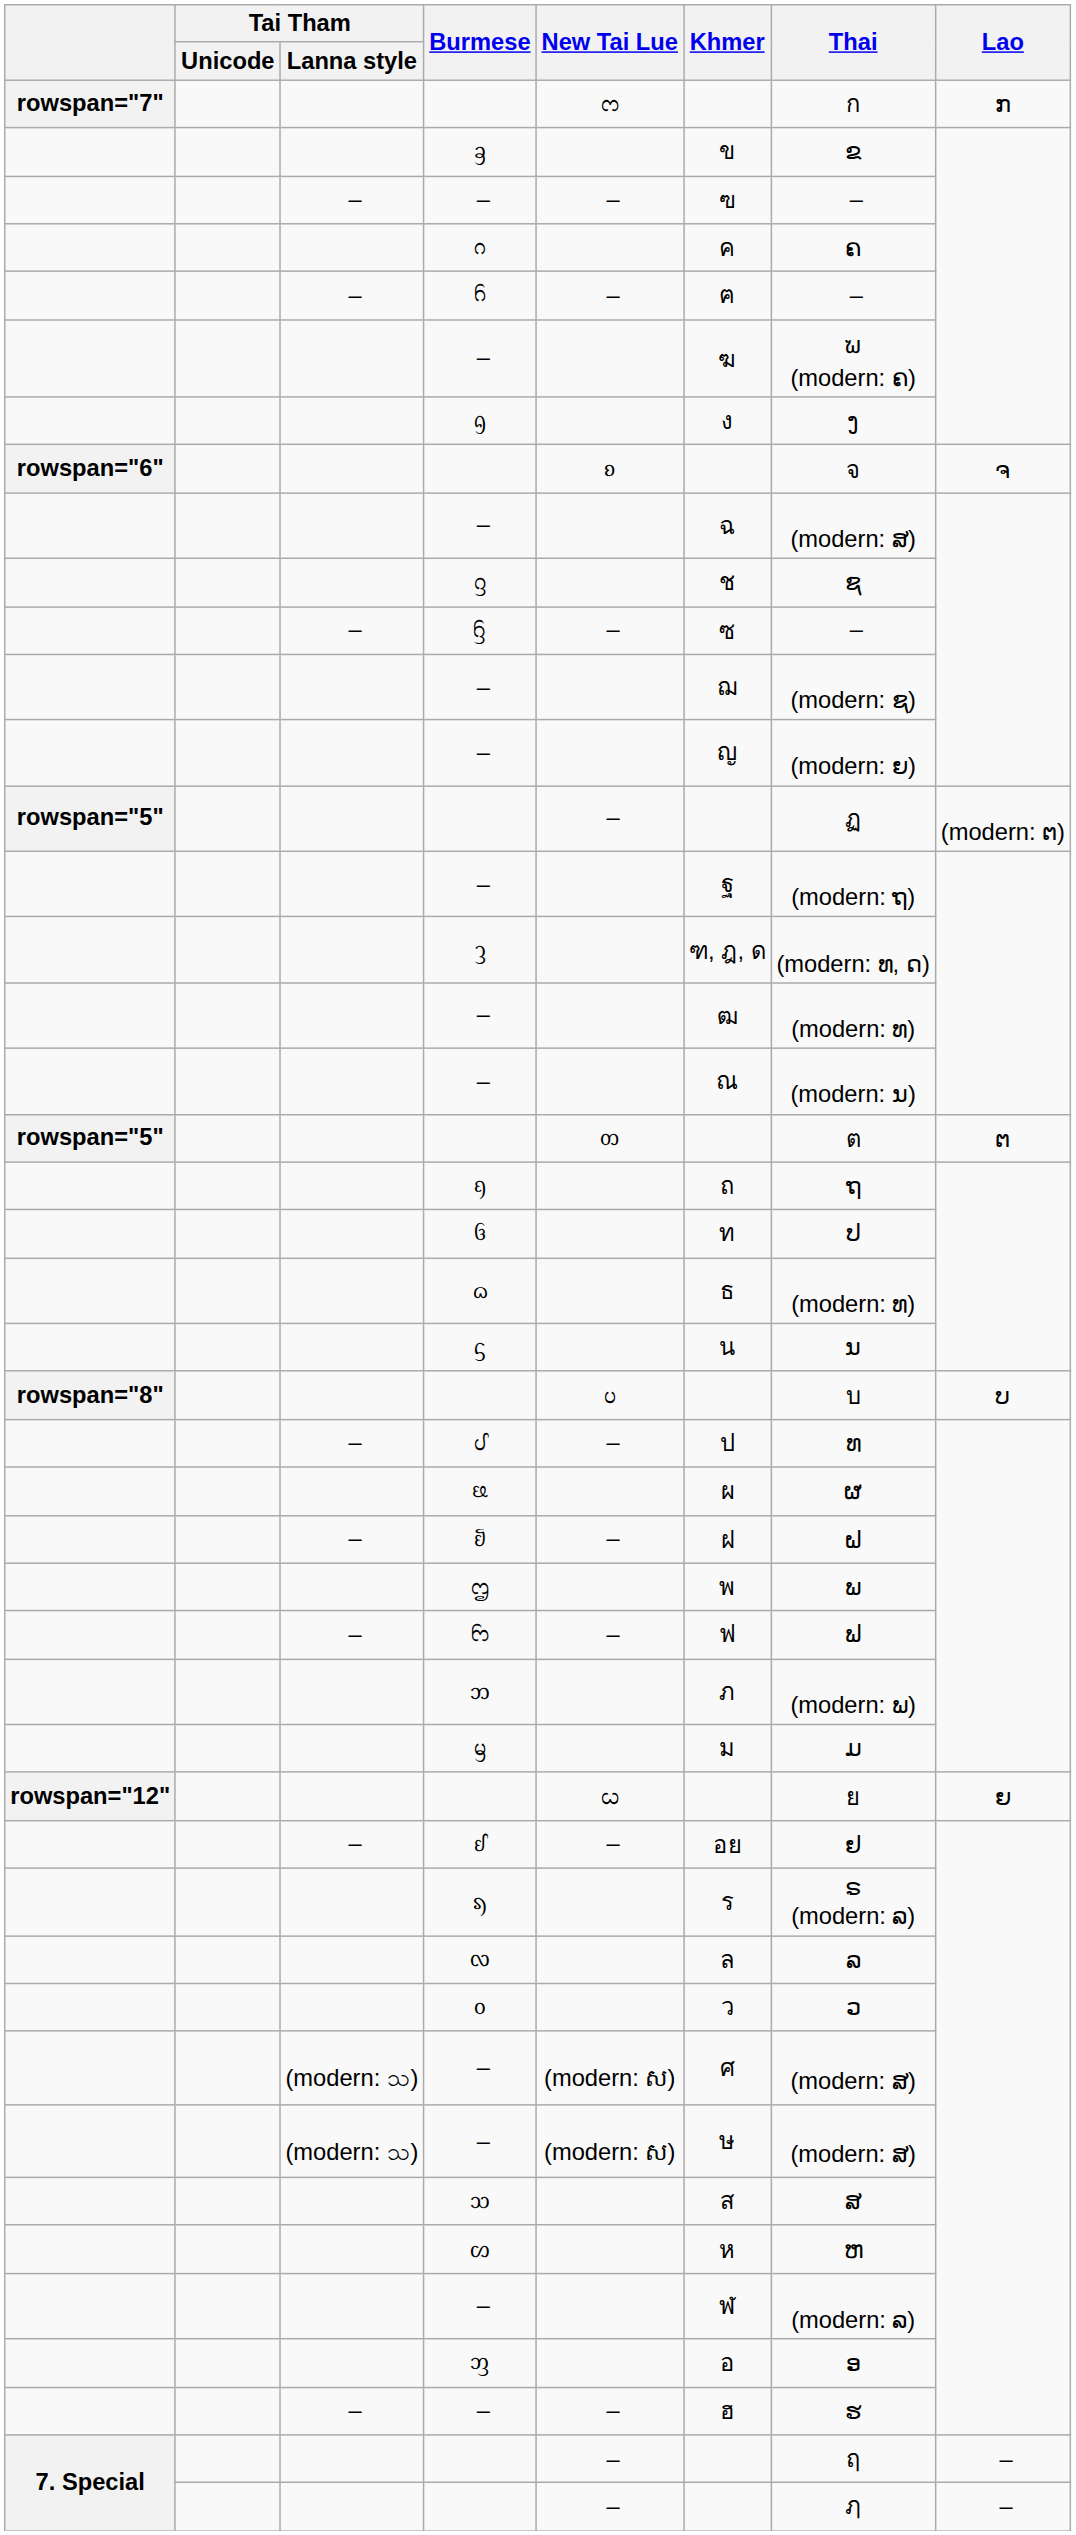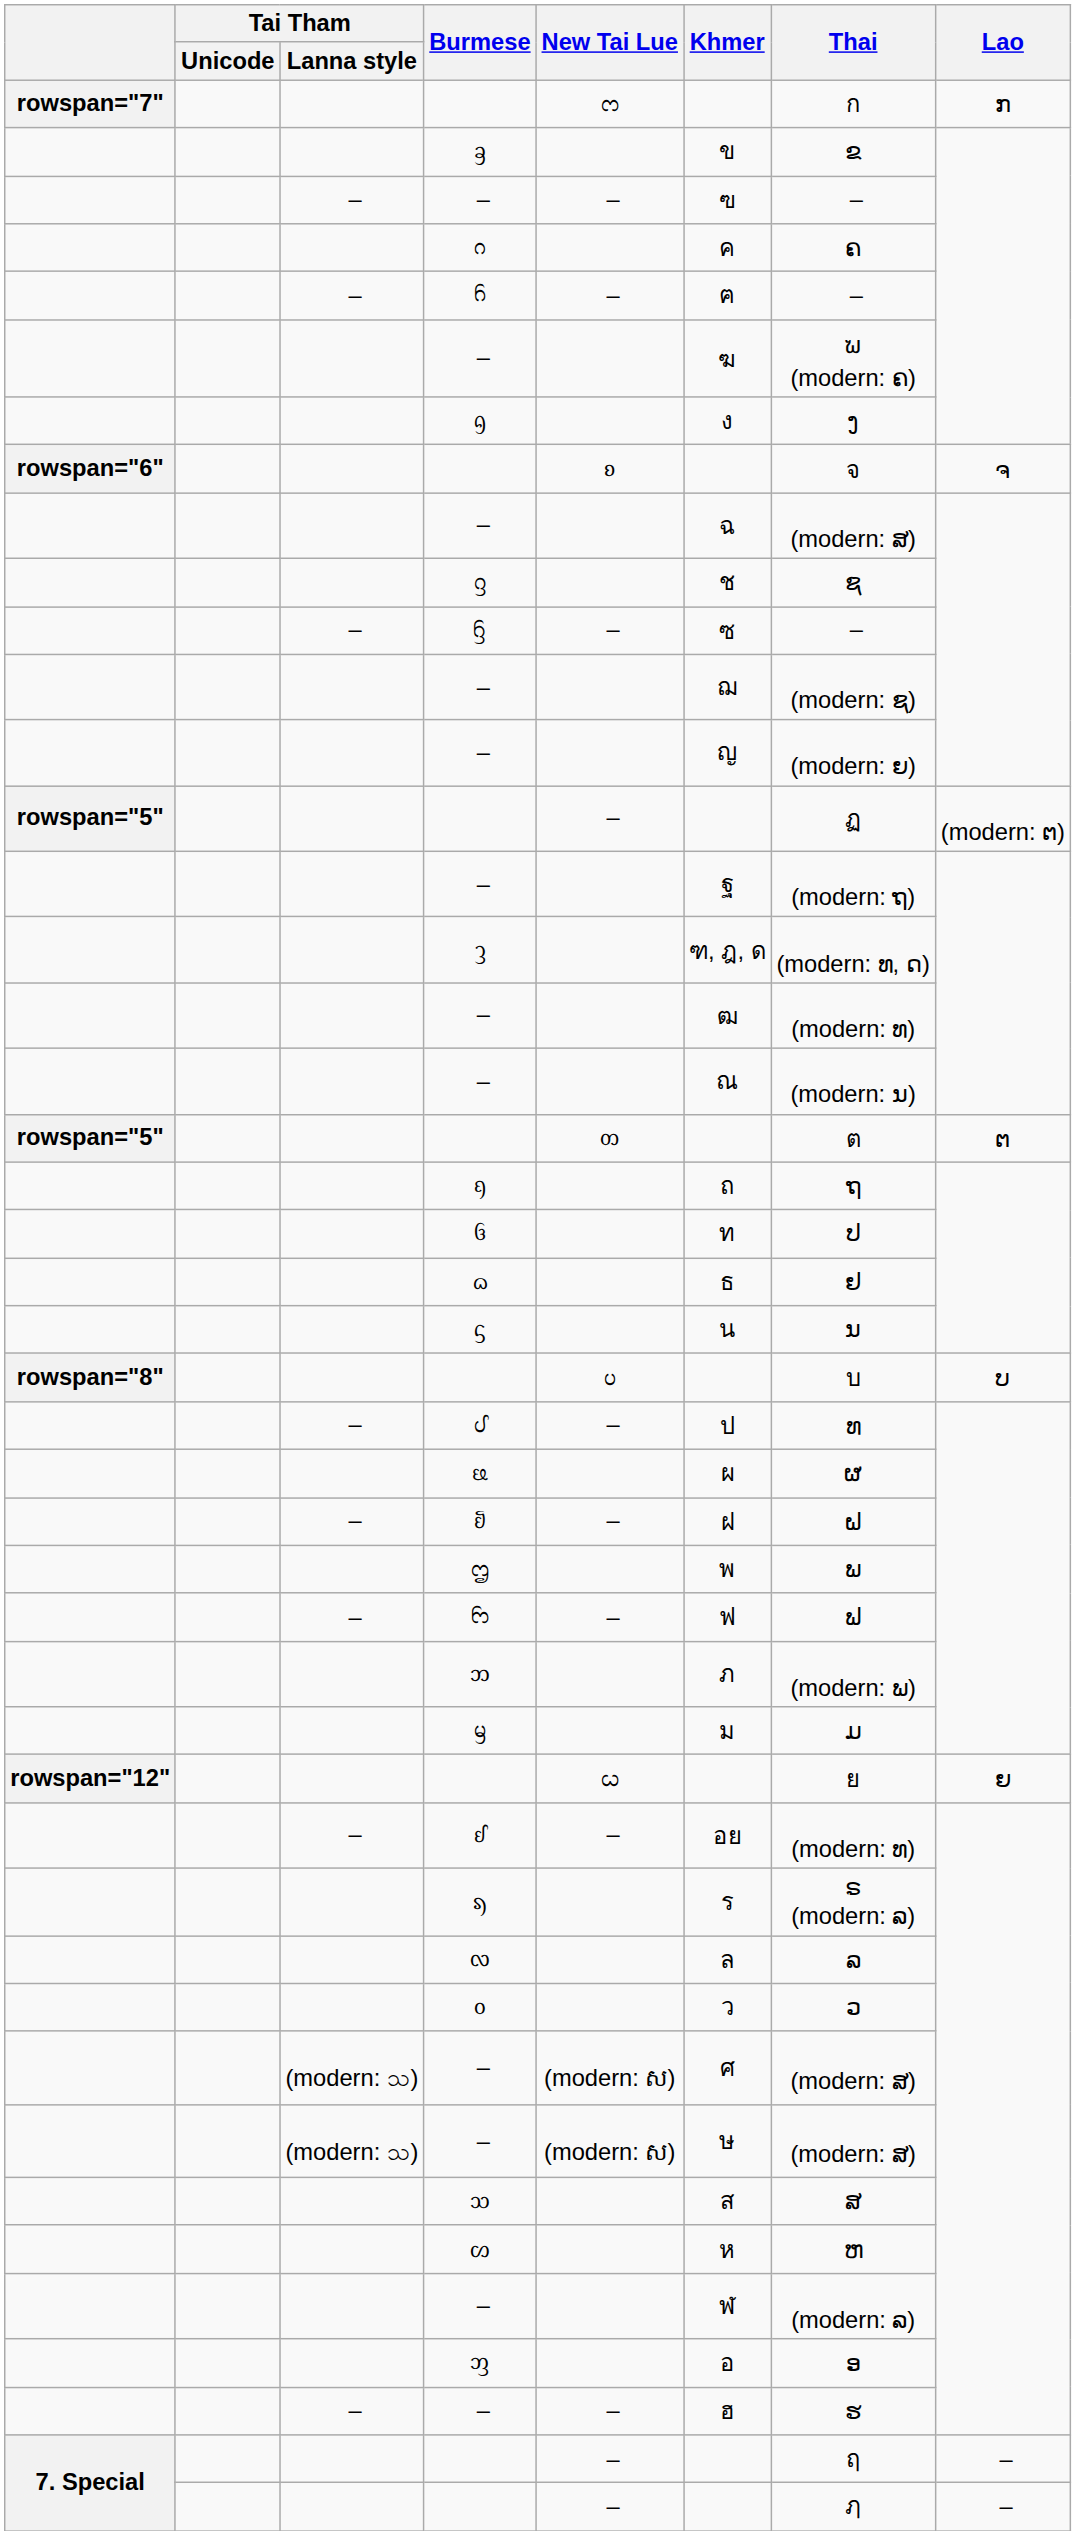 <table class="wikitable" style="text-align: center;">
 <tr>
 <th rowspan="2"></th>
 <th colspan="2">Tai Tham</th>
 <th rowspan="2"><a href='#'>Burmese</a></th>
 <th rowspan="2"><a href='#'>New Tai Lue</a></th>
 <th rowspan="2"><a href='#'>Khmer</a></th>
 <th rowspan="2"><a href='#'>Thai</a></th>
 <th rowspan="2"><a href='#'>Lao</a></th>
 </tr>
 <tr>
 <th>Unicode</th>
 <th>Lanna style</th>
 </tr>
 <tr>
 <th>rowspan="7" </th>
 <td><big></big></td>
 <td style="font-size: 150%"></td>
 <td></td>
 <td>ᦂ</td>
 <td></td>
 <td>ก</td>
 <td>ກ</td>
 </tr>
 <tr>
 <td><big></big></td>
 <td style="font-size: 150%"></td>
 <td></td>
 <td>ᦃ</td>
 <td></td>
 <td>ข</td>
 <td>ຂ</td>
 </tr>
 <tr>
 <td><big></big></td>
 <td></td>
 <td> –</td>
 <td> –</td>
 <td> –</td>
 <td>ฃ</td>
 <td> –</td>
 </tr>
 <tr>
 <td><big></big></td>
 <td style="font-size: 150%"></td>
 <td></td>
 <td>ᦅ</td>
 <td></td>
 <td>ค</td>
 <td>ຄ</td>
 </tr>
 <tr>
 <td><big></big></td>
 <td></td>
 <td> –</td>
 <td>ᦆ</td>
 <td> –</td>
 <td>ฅ</td>
 <td> –</td>
 </tr>
 <tr>
 <td><big></big></td>
 <td style="font-size: 150%"></td>
 <td></td>
 <td> –</td>
 <td></td>
 <td>ฆ</td>
 <td>ຆ<br>(modern: ຄ)</td>
 </tr>
 <tr>
 <td><big></big></td>
 <td style="font-size: 150%"></td>
 <td></td>
 <td>ᦇ</td>
 <td></td>
 <td>ง</td>
 <td>ງ</td>
 </tr>
 <tr>
 <th>rowspan="6" </th>
 <td><big></big></td>
 <td style="font-size: 150%"></td>
 <td></td>
 <td>ᦈ</td>
 <td></td>
 <td>จ</td>
 <td>ຈ</td>
 </tr>
 <tr>
 <td><big></big></td>
 <td style="font-size: 150%"></td>
 <td></td>
 <td> –</td>
 <td></td>
 <td>ฉ</td>
 <td><br>(modern: ສ)</td>
 </tr>
 <tr>
 <td><big></big></td>
 <td style="font-size: 150%"></td>
 <td></td>
 <td>ᦋ</td>
 <td></td>
 <td>ช</td>
 <td>ຊ</td>
 </tr>
 <tr>
 <td><big></big></td>
 <td style="font-size: 150%"></td>
 <td> –</td>
 <td>ᦌ</td>
 <td> –</td>
 <td>ซ</td>
 <td> –</td>
 </tr>
 <tr>
 <td><big></big></td>
 <td style="font-size: 150%"></td>
 <td></td>
 <td> –</td>
 <td></td>
 <td>ฌ</td>
 <td><br>(modern: ຊ)</td>
 </tr>
 <tr>
 <td><big></big></td>
 <td></td>
 <td></td>
 <td> –</td>
 <td></td>
 <td>ญ</td>
 <td><br>(modern: ຍ)</td>
 </tr>
 <tr>
 <th>rowspan="5" </th>
 <td><big></big></td>
 <td style="font-size: 150%"></td>
 <td></td>
 <td> –</td>
 <td></td>
 <td>ฏ</td>
 <td><br>(modern: ຕ)</td>
 </tr>
 <tr>
 <td><big></big></td>
 <td></td>
 <td></td>
 <td> –</td>
 <td></td>
 <td>ฐ</td>
 <td><br>(modern: ຖ)</td>
 </tr>
 <tr>
 <td><big></big></td>
 <td style="font-size: 150%"></td>
 <td></td>
 <td>ᦡ</td>
 <td></td>
 <td>ฑ, ฎ, ด</td>
 <td><br>(modern: ທ, ດ)</td>
 </tr>
 <tr>
 <td><big></big></td>
 <td style="font-size: 150%"></td>
 <td></td>
 <td> –</td>
 <td></td>
 <td>ฒ</td>
 <td><br>(modern: ທ)</td>
 </tr>
 <tr>
 <td><big></big></td>
 <td style="font-size: 150%"></td>
 <td></td>
 <td> –</td>
 <td></td>
 <td>ณ</td>
 <td><br>(modern: ນ)</td>
 </tr>
 <tr>
 <th>rowspan="5" </th>
 <td><big></big></td>
 <td style="font-size: 150%"></td>
 <td></td>
 <td>ᦎ</td>
 <td></td>
 <td>ต</td>
 <td>ຕ</td>
 </tr>
 <tr>
 <td><big></big></td>
 <td style="font-size: 150%"></td>
 <td></td>
 <td>ᦏ</td>
 <td></td>
 <td>ถ</td>
 <td>ຖ</td>
 </tr>
 <tr>
 <td><big></big></td>
 <td style="font-size: 150%"></td>
 <td></td>
 <td>ᦑ</td>
 <td></td>
 <td>ท</td>
 <td>ປ</td>
 </tr>
 <tr>
 <td><big></big></td>
 <td style="font-size: 150%"></td>
 <td></td>
 <td>ᦒ</td>
 <td></td>
 <td>ธ</td>
-<td><br>(modern: ທ)</td>
+<td>ຢ</td>
 </tr>
 <tr>
 <td><big></big></td>
 <td style="font-size: 150%"></td>
 <td></td>
 <td>ᦓ</td>
 <td></td>
 <td>น</td>
 <td>ນ</td>
 </tr>
 <tr>
 <th>rowspan="8" </th>
 <td><big></big></td>
 <td style="font-size: 150%"></td>
 <td></td>
 <td>ᦢ</td>
 <td></td>
 <td>บ</td>
 <td>ບ</td>
 </tr>
 <tr>
 <td><big></big></td>
 <td style="font-size: 150%"></td>
 <td> –</td>
 <td>ᦔ</td>
 <td> –</td>
 <td>ป</td>
 <td>ທ</td>
 </tr>
 <tr>
 <td><big></big></td>
 <td style="font-size: 150%"></td>
 <td></td>
 <td>ᦕ</td>
 <td></td>
 <td>ผ</td>
 <td>ຜ</td>
 </tr>
 <tr>
 <td><big></big></td>
 <td style="font-size: 150%"></td>
 <td> –</td>
 <td>ᦚ</td>
 <td> –</td>
 <td>ฝ</td>
 <td>ຝ</td>
 </tr>
 <tr>
 <td><big></big></td>
 <td style="font-size: 150%"></td>
 <td></td>
 <td>ᦗ</td>
 <td></td>
 <td>พ</td>
 <td>ພ</td>
 </tr>
 <tr>
 <td><big></big></td>
 <td style="font-size: 150%"></td>
 <td> –</td>
 <td>ᦝ</td>
 <td> –</td>
 <td>ฟ</td>
 <td>ຟ</td>
 </tr>
 <tr>
 <td><big></big></td>
 <td style="font-size: 150%"></td>
 <td></td>
 <td>ᦘ</td>
 <td></td>
 <td>ภ</td>
 <td><br>(modern: ພ)</td>
 </tr>
 <tr>
 <td><big></big></td>
 <td style="font-size: 150%"></td>
 <td></td>
 <td>ᦙ</td>
 <td></td>
 <td>ม</td>
 <td>ມ</td>
 </tr>
 <tr>
 <th>rowspan="12" </th>
 <td><big></big></td>
 <td style="font-size: 150%"></td>
 <td></td>
 <td>ᦍ</td>
 <td></td>
 <td>ย</td>
 <td>ຍ</td>
 </tr>
 <tr>
 <td><big></big></td>
 <td></td>
 <td> –</td>
 <td>ᦊ</td>
 <td> –</td>
 <td>อย</td>
-<td>ຢ</td>
+<td><br>(modern: ທ)</td>
 </tr>
 <tr>
 <td><big></big></td>
 <td style="font-size: 150%"></td>
 <td></td>
 <td>ᦣ</td>
 <td></td>
 <td>ร</td>
 <td>ຣ<br>(modern: ລ)</td>
 </tr>
 <tr>
 <td><big></big></td>
 <td style="font-size: 150%"></td>
 <td></td>
 <td>ᦟ</td>
 <td></td>
 <td>ล</td>
 <td>ລ</td>
 </tr>
 <tr>
 <td><big></big></td>
 <td style="font-size: 150%"></td>
 <td></td>
 <td>ᦞ</td>
 <td></td>
 <td>ว</td>
 <td>ວ</td>
 </tr>
 <tr>
 <td><big></big></td>
 <td style="font-size: 150%"></td>
 <td><br>(modern: သ)</td>
 <td> –</td>
 <td><br>(modern: ស)</td>
 <td>ศ</td>
 <td><br>(modern: ສ)</td>
 </tr>
 <tr>
 <td><big></big></td>
 <td style="font-size: 150%"></td>
 <td><br>(modern: သ)</td>
 <td> –</td>
 <td><br>(modern: ស)</td>
 <td>ษ</td>
 <td><br>(modern: ສ)</td>
 </tr>
 <tr>
 <td><big></big></td>
 <td style="font-size: 150%"></td>
 <td></td>
 <td>ᦉ</td>
 <td></td>
 <td>ส</td>
 <td>ສ</td>
 </tr>
 <tr>
 <td><big></big></td>
 <td style="font-size: 150%"></td>
 <td></td>
 <td>ᦠ</td>
 <td></td>
 <td>ห</td>
 <td>ຫ</td>
 </tr>
 <tr>
 <td><big></big></td>
 <td style="font-size: 150%"></td>
 <td></td>
 <td> –</td>
 <td></td>
 <td>ฬ</td>
 <td><br>(modern: ລ)</td>
 </tr>
 <tr>
 <td><big></big></td>
 <td style="font-size: 150%"></td>
 <td></td>
 <td>ᦀ</td>
 <td></td>
 <td>อ</td>
 <td>ອ</td>
 </tr>
 <tr>
 <td><big></big></td>
 <td style="font-size: 150%"></td>
 <td> –</td>
 <td> –</td>
 <td> –</td>
 <td>ฮ</td>
 <td>ຮ</td>
 </tr>
 <tr>
 <th rowspan="2">7. Special</th>
 <td><big></big></td>
 <td></td>
 <td></td>
 <td> –</td>
 <td></td>
 <td>ฤ</td>
 <td> –</td>
 </tr>
 <tr>
 <td><big></big></td>
 <td></td>
 <td></td>
 <td> –</td>
 <td></td>
 <td>ฦ</td>
 <td> –</td>
 </tr>
 </table>
